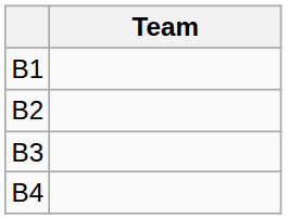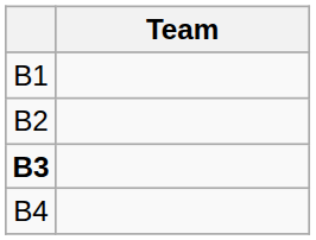 <table class="wikitable" style="display:inline-table; font-size:90%;">
 <tr>
 <th></th>
 <th width=120>Team</th>
 </tr>
 <tr>
 <td align=center>B1</td>
 <td></td>
 </tr>
 <tr>
 <td align=center>B2</td>
 <td></td>
 </tr>
 <tr>
-<td align=center>B3</td>
+<td align=center><strong>B3</strong></td>
 <td></td>
 </tr>
 <tr>
 <td align=center>B4</td>
 <td></td>
 </tr>
 </table>
